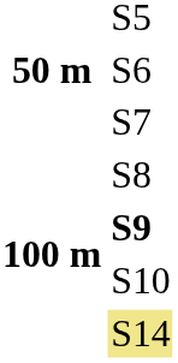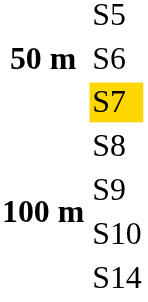 <table>
 <tr>
 <th rowspan="3">50 m</th>
 <td>S5 <br></td>
 <td></td>
 <td></td>
 <td></td>
 </tr>
 <tr>
 <td>S6 <br></td>
 <td></td>
 <td></td>
 <td></td>
 </tr>
 <tr>
-<td>S7 <br></td>
+<td style="background: gold;">S7 <br></td>
 <td></td>
 <td></td>
 <td></td>
 </tr>
 <tr>
 <th rowspan="4">100 m</th>
 <td>S8 <br></td>
 <td></td>
 <td></td>
 <td></td>
 </tr>
 <tr>
-<td><strong>S9 <br></strong></td>
+<td>S9 <br></td>
 <td></td>
 <td></td>
 <td></td>
 </tr>
 <tr>
 <td>S10 <br></td>
 <td></td>
 <td></td>
 <td></td>
 </tr>
 <tr>
-<td style="background: khaki;">S14 <br></td>
+<td>S14 <br></td>
 <td></td>
 <td></td>
 <td></td>
 </tr>
 </table>
